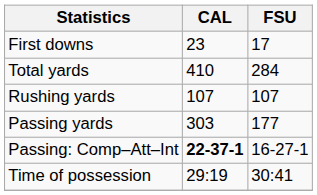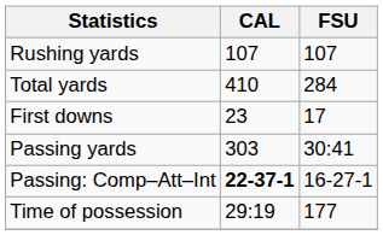 <table class="wikitable" style="float: left;">
 <tr>
 <th>Statistics</th>
 <th>CAL</th>
 <th>FSU</th>
 </tr>
 <tr>
-<td>First downs</td>
-<td>23</td>
-<td>17</td>
+<td>Rushing yards</td>
+<td>107</td>
+<td>107</td>
 </tr>
 <tr>
 <td>Total yards</td>
 <td>410</td>
 <td>284</td>
 </tr>
 <tr>
-<td>Rushing yards</td>
-<td>107</td>
-<td>107</td>
+<td>First downs</td>
+<td>23</td>
+<td>17</td>
 </tr>
 <tr>
 <td>Passing yards</td>
 <td>303</td>
-<td>177</td>
+<td>30:41</td>
 </tr>
 <tr>
 <td>Passing: Comp–Att–Int</td>
 <td><strong>22-37-1</strong></td>
 <td>16-27-1</td>
 </tr>
 <tr>
 <td>Time of possession</td>
 <td>29:19</td>
-<td>30:41</td>
+<td>177</td>
 </tr>
 <tr>
 </tr>
 </table>
